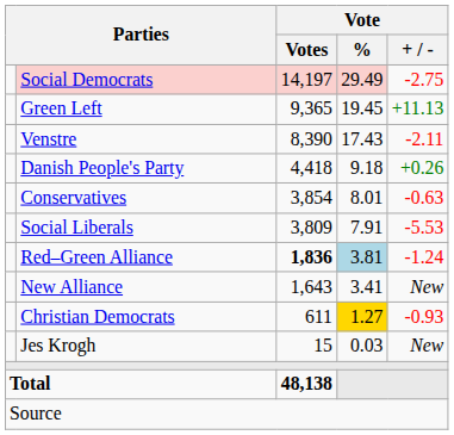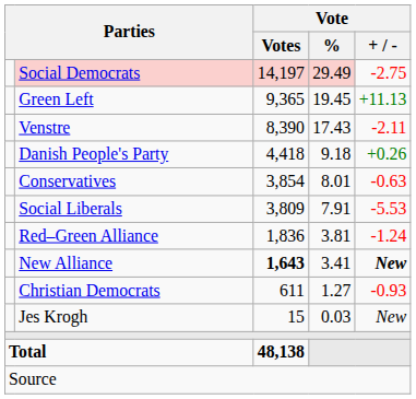 <table class="wikitable" style="text-align:right;">
 <tr>
 <th style="text-align:centre;" rowspan="2" colspan="2" width="225">Parties</th>
 <th colspan="3">Vote</th>
 </tr>
 <tr>
 <th width="15">Votes</th>
 <th width="15">%</th>
 <th width="15">+ / -</th>
 </tr>
 <tr>
 <td width="2" style="color:inherit;background:"></td>
 <td bgcolor=#fbd0ce  align="left"><a href='#'>Social Democrats</a></td>
 <td bgcolor=#fbd0ce>14,197</td>
 <td bgcolor=#fbd0ce>29.49</td>
 <td style=color:red;>-2.75</td>
 </tr>
 <tr>
 <td width="2" style="color:inherit;background:"></td>
 <td align="left"><a href='#'>Green Left</a></td>
 <td>9,365</td>
 <td>19.45</td>
 <td style=color:green;>+11.13</td>
 </tr>
 <tr>
 <td width="2" style="color:inherit;background:"></td>
 <td align="left"><a href='#'>Venstre</a></td>
 <td>8,390</td>
 <td>17.43</td>
 <td style=color:red;>-2.11</td>
 </tr>
 <tr>
 <td width="2" style="color:inherit;background:"></td>
 <td align="left"><a href='#'>Danish People's Party</a></td>
 <td>4,418</td>
 <td>9.18</td>
 <td style=color:green;>+0.26</td>
 </tr>
 <tr>
 <td width="2" style="color:inherit;background:"></td>
 <td align="left"><a href='#'>Conservatives</a></td>
 <td>3,854</td>
 <td>8.01</td>
 <td style=color:red;>-0.63</td>
 </tr>
 <tr>
 <td width="2" style="color:inherit;background:"></td>
 <td align="left"><a href='#'>Social Liberals</a></td>
 <td>3,809</td>
 <td>7.91</td>
 <td style=color:red;>-5.53</td>
 </tr>
 <tr>
 <td width="2" style="color:inherit;background:"></td>
 <td align="left"><a href='#'>Red–Green Alliance</a></td>
-<td><strong>1,836</strong></td>
-<td style="background: lightblue;">3.81</td>
+<td>1,836</td>
+<td>3.81</td>
 <td style=color:red;>-1.24</td>
 </tr>
 <tr>
 <td width="2" style="color:inherit;background:"></td>
 <td align="left"><a href='#'>New Alliance</a></td>
-<td>1,643</td>
+<td><strong>1,643</strong></td>
 <td>3.41</td>
-<td><em>New</em></td>
+<td><strong><em>New</em></strong></td>
 </tr>
 <tr>
 <td width="2" style="color:inherit;background:"></td>
 <td align="left"><a href='#'>Christian Democrats</a></td>
 <td>611</td>
-<td style="background: gold;">1.27</td>
+<td>1.27</td>
 <td style=color:red;>-0.93</td>
 </tr>
 <tr>
 <td width="2" style="color:inherit;background:"></td>
 <td align="left">Jes Krogh</td>
 <td>15</td>
 <td>0.03</td>
 <td><em>New</em></td>
 </tr>
 <tr>
 <td colspan="7" bgcolor="#E9E9E9"></td>
 </tr>
 <tr>
 <td align="left" colspan="2"><strong>Total</strong></td>
 <td><strong>48,138</strong></td>
 <td bgcolor="#E9E9E9" colspan="2"></td>
 </tr>
 <tr>
 <td align="left" colspan="6">Source</td>
 </tr>
 </table>
